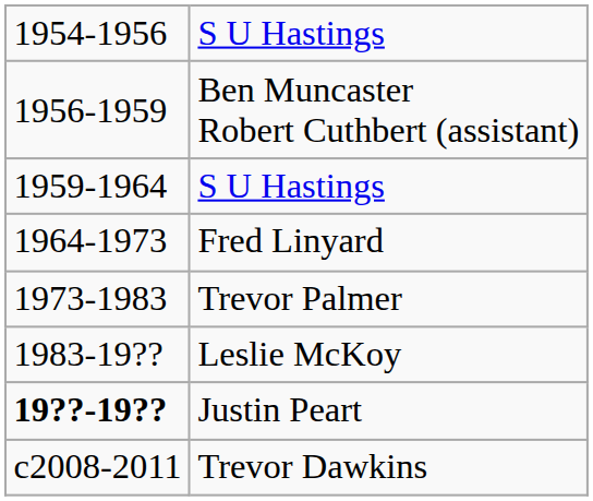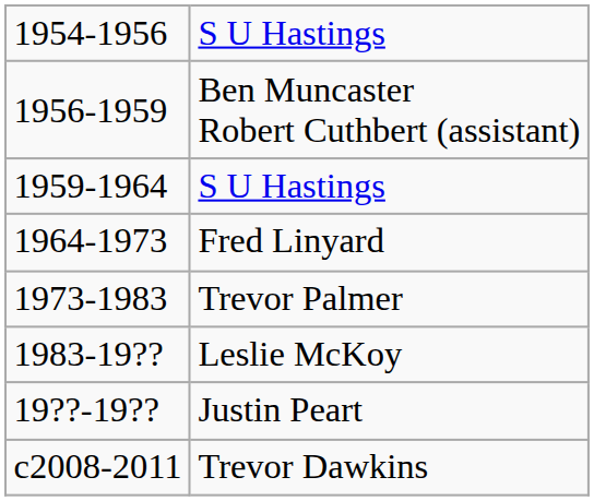 <table class="wikitable">
 <tr>
 <td>1954-1956</td>
 <td><a href='#'>S U Hastings</a></td>
 </tr>
 <tr>
 <td>1956-1959</td>
 <td>Ben Muncaster<br>Robert Cuthbert (assistant)</td>
 </tr>
 <tr>
 <td>1959-1964</td>
 <td><a href='#'>S U Hastings</a></td>
 </tr>
 <tr>
 <td>1964-1973</td>
 <td>Fred Linyard</td>
 </tr>
 <tr>
 <td>1973-1983</td>
 <td>Trevor Palmer</td>
 </tr>
 <tr>
 <td>1983-19??</td>
 <td>Leslie McKoy</td>
 </tr>
 <tr>
-<td><strong>19??-19??</strong></td>
+<td>19??-19??</td>
 <td>Justin Peart</td>
 </tr>
 <tr>
 <td>c2008-2011</td>
 <td>Trevor Dawkins</td>
 </tr>
 </table>
